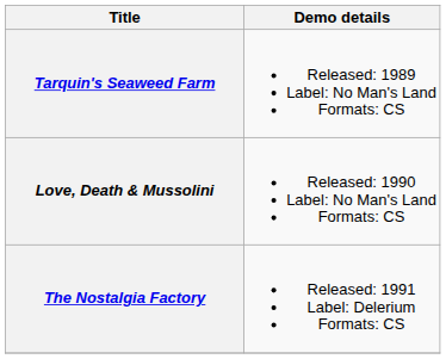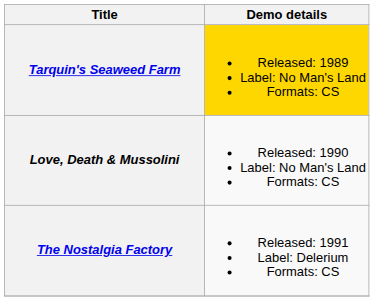 <table class="wikitable plainrowheaders" style="text-align:center;">
 <tr>
 <th scope="col" style="width:15em;">Title</th>
 <th scope="col">Demo details</th>
 </tr>
 <tr>
 <th scope="row"><em><a href='#'>Tarquin's Seaweed Farm</a></em></th>
-<td><br><ul><li>Released: 1989</li><li>Label: No Man's Land</li><li>Formats: CS</li></ul></td>
+<td style="background: gold;"><br><ul><li>Released: 1989</li><li>Label: No Man's Land</li><li>Formats: CS</li></ul></td>
 </tr>
 <tr>
 <th scope="row"><em>Love, Death & Mussolini</em></th>
 <td><br><ul><li>Released: 1990</li><li>Label: No Man's Land</li><li>Formats: CS</li></ul></td>
 </tr>
 <tr>
 <th scope="row"><em><a href='#'>The Nostalgia Factory</a></em></th>
 <td><br><ul><li>Released: 1991</li><li>Label: Delerium</li><li>Formats: CS</li></ul></td>
 </tr>
 <tr>
 </tr>
 </table>
